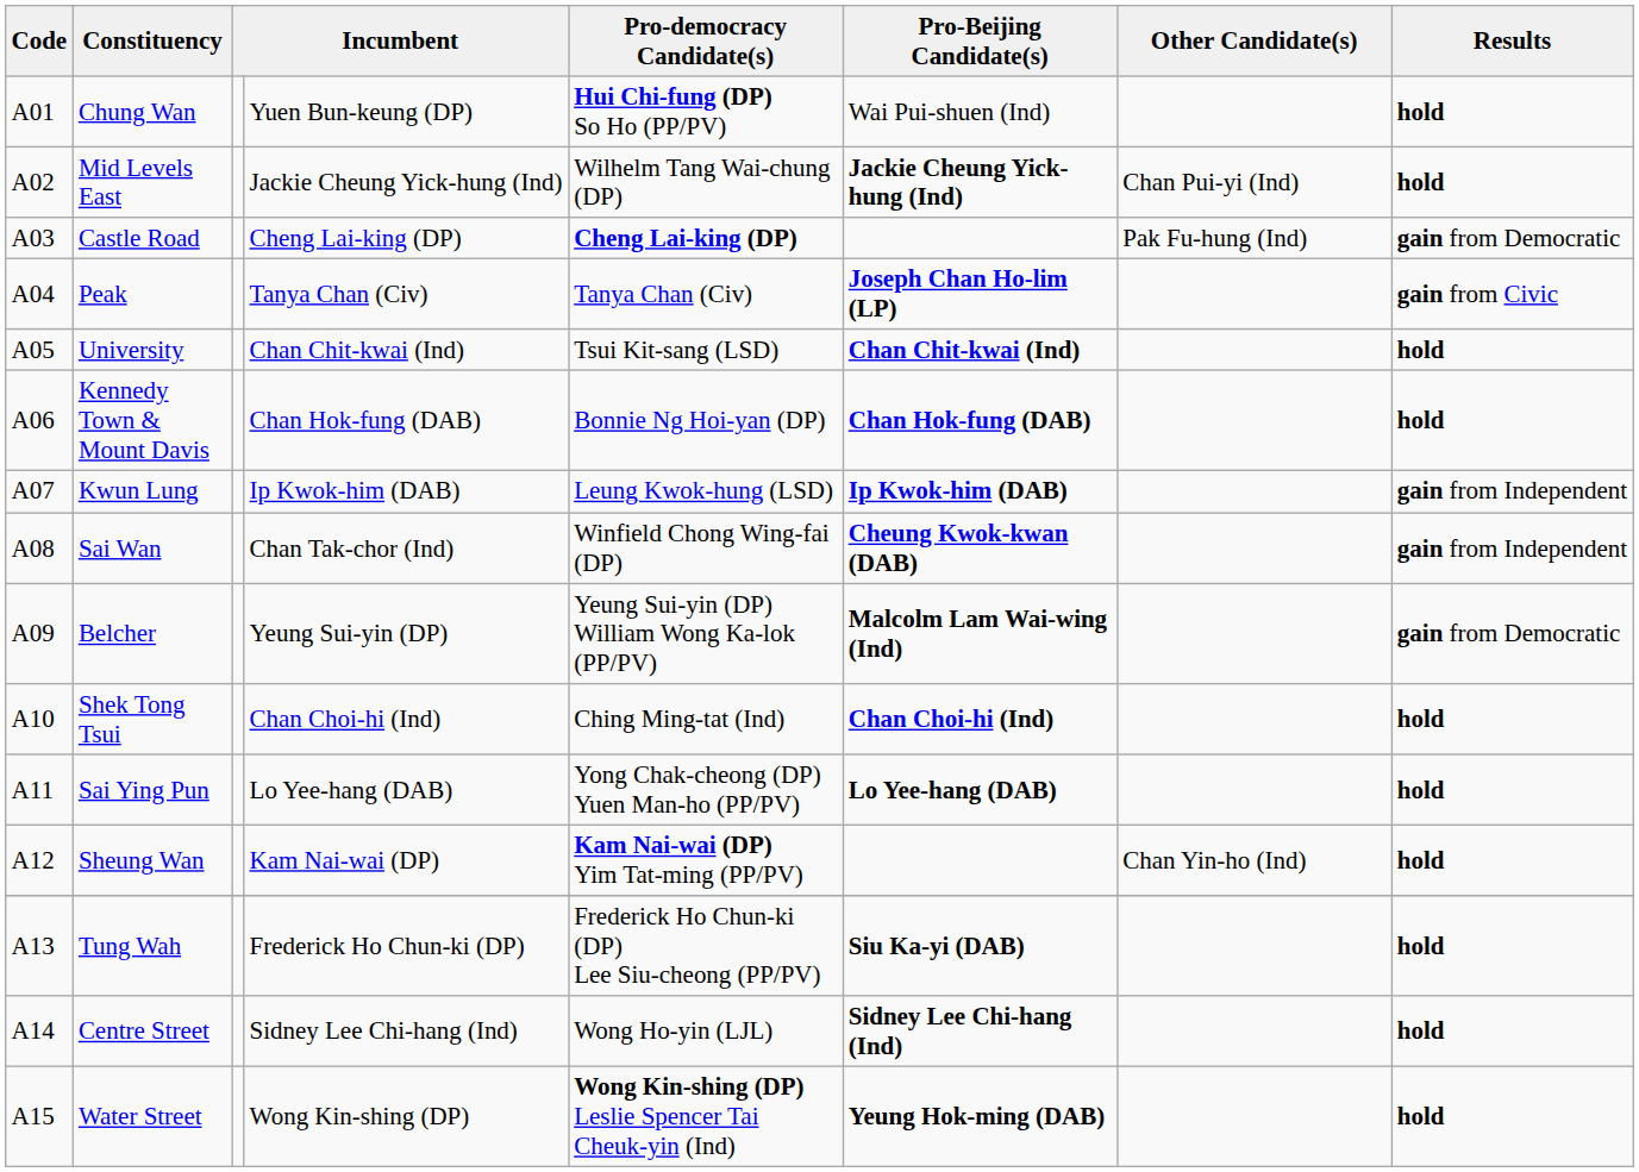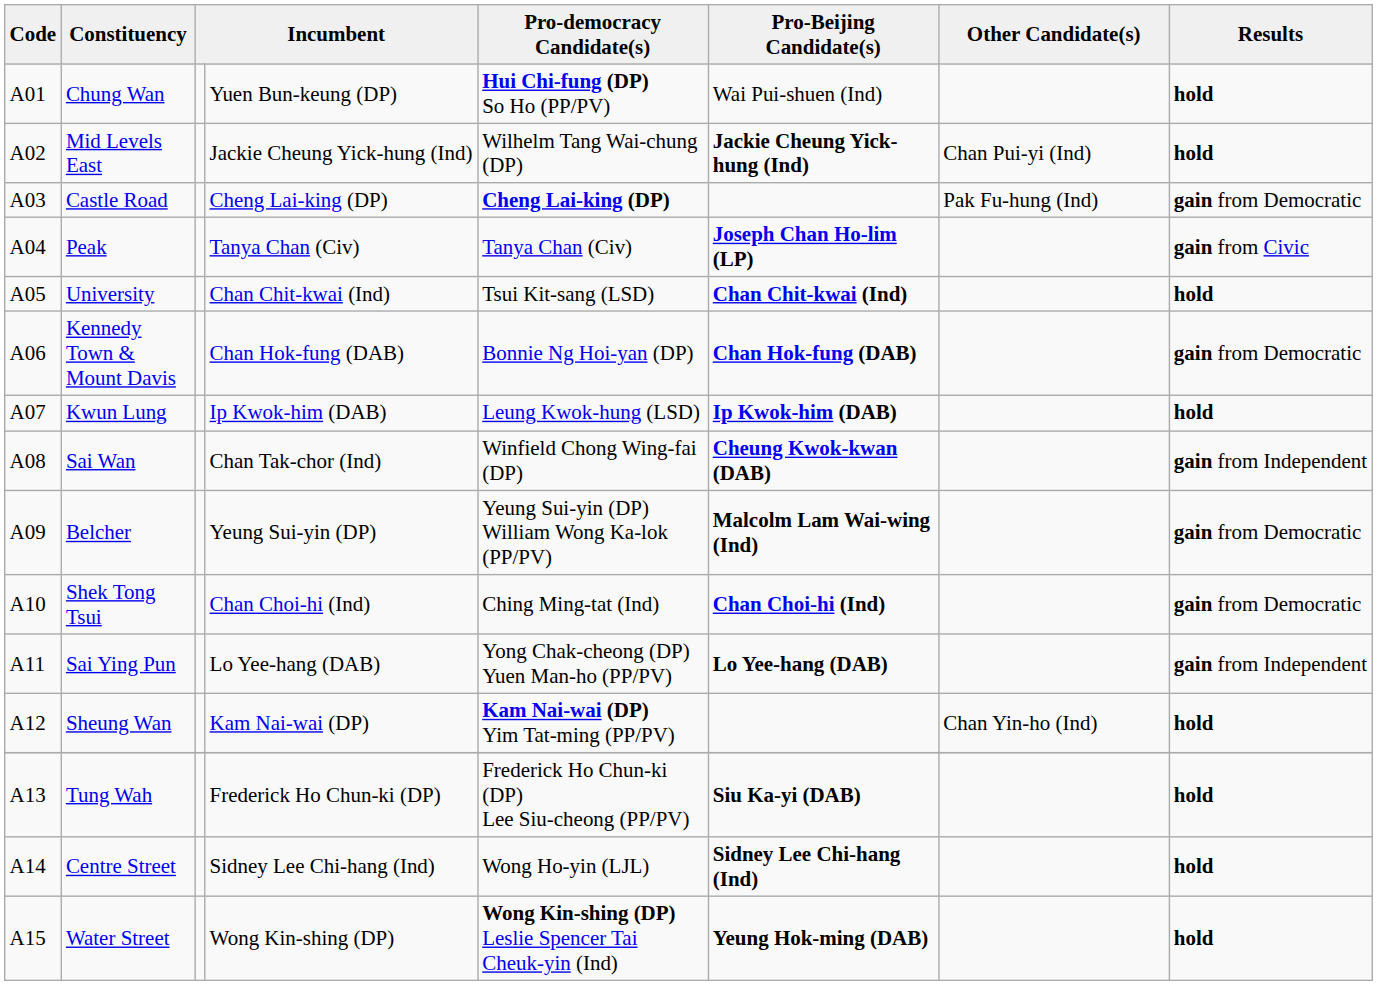 <table class="wikitable" style="font-size: 95%;">
 <tr>
 <th align="center" style="background:#f0f0f0;" width="20px">Code</th>
 <th align="center" style="background:#f0f0f0;" width="90px">Constituency</th>
 <th align="center" style="background:#f0f0f0;" width="120px" colspan=2>Incumbent</th>
 <th align="center" style="background:#f0f0f0;" width="160px">Pro-democracy Candidate(s)</th>
 <th align="center" style="background:#f0f0f0;" width="160px">Pro-Beijing Candidate(s)</th>
 <th align="center" style="background:#f0f0f0;" width="160px">Other Candidate(s)</th>
 <th align="center" style="background:#f0f0f0;" width="100px" colspan="2">Results</th>
 </tr>
 <tr>
 <td>A01</td>
 <td><a href='#'>Chung Wan</a></td>
 <td></td>
 <td>Yuen Bun-keung (DP)</td>
 <td><strong><a href='#'>Hui Chi-fung</a> (DP)</strong> <br>So Ho (PP/PV)</td>
 <td>Wai Pui-shuen (Ind)</td>
 <td></td>
 <td> <strong>hold</strong></td>
 </tr>
 <tr>
 <td>A02</td>
 <td><a href='#'>Mid Levels East</a></td>
 <td></td>
 <td>Jackie Cheung Yick-hung (Ind)</td>
 <td>Wilhelm Tang Wai-chung (DP)</td>
 <td><strong>Jackie Cheung Yick-hung (Ind)</strong></td>
 <td>Chan Pui-yi (Ind)</td>
 <td> <strong>hold</strong></td>
 </tr>
 <tr>
 <td>A03</td>
 <td><a href='#'>Castle Road</a></td>
 <td></td>
 <td><a href='#'>Cheng Lai-king</a> (DP)</td>
 <td><strong><a href='#'>Cheng Lai-king</a> (DP)</strong></td>
 <td></td>
 <td>Pak Fu-hung (Ind)</td>
 <td> <strong>gain</strong> from Democratic</td>
 </tr>
 <tr>
 <td>A04</td>
 <td><a href='#'>Peak</a></td>
 <td></td>
 <td><a href='#'>Tanya Chan</a> (Civ)</td>
 <td><a href='#'>Tanya Chan</a> (Civ)</td>
 <td><strong><a href='#'>Joseph Chan Ho-lim</a> (LP)</strong></td>
 <td></td>
 <td> <strong>gain</strong> from <a href='#'>Civic</a></td>
 </tr>
 <tr>
 <td>A05</td>
 <td><a href='#'>University</a></td>
 <td></td>
 <td><a href='#'>Chan Chit-kwai</a> (Ind)</td>
 <td>Tsui Kit-sang (LSD)</td>
 <td><strong><a href='#'>Chan Chit-kwai</a> (Ind)</strong></td>
 <td></td>
 <td> <strong>hold</strong></td>
 </tr>
 <tr>
 <td>A06</td>
 <td><a href='#'>Kennedy Town & Mount Davis</a></td>
 <td></td>
 <td><a href='#'>Chan Hok-fung</a> (DAB)</td>
 <td><a href='#'>Bonnie Ng Hoi-yan</a> (DP)</td>
 <td><strong><a href='#'>Chan Hok-fung</a> (DAB)</strong></td>
 <td></td>
-<td> <strong>hold</strong></td>
+<td> <strong>gain</strong> from Democratic</td>
 </tr>
 <tr>
 <td>A07</td>
 <td><a href='#'>Kwun Lung</a></td>
 <td></td>
 <td><a href='#'>Ip Kwok-him</a> (DAB)</td>
 <td><a href='#'>Leung Kwok-hung</a> (LSD)</td>
 <td><strong><a href='#'>Ip Kwok-him</a> (DAB)</strong></td>
 <td></td>
-<td> <strong>gain</strong> from Independent</td>
+<td> <strong>hold</strong></td>
 </tr>
 <tr>
 <td>A08</td>
 <td><a href='#'>Sai Wan</a></td>
 <td></td>
 <td>Chan Tak-chor (Ind)</td>
 <td>Winfield Chong Wing-fai (DP)</td>
 <td><strong><a href='#'>Cheung Kwok-kwan</a> (DAB)</strong></td>
 <td></td>
 <td> <strong>gain</strong> from Independent</td>
 </tr>
 <tr>
 <td>A09</td>
 <td><a href='#'>Belcher</a></td>
 <td></td>
 <td>Yeung Sui-yin (DP)</td>
 <td>Yeung Sui-yin (DP)<br>William Wong Ka-lok (PP/PV)</td>
 <td><strong>Malcolm Lam Wai-wing (Ind)</strong></td>
 <td></td>
 <td> <strong>gain</strong> from Democratic</td>
 </tr>
 <tr>
 <td>A10</td>
 <td><a href='#'>Shek Tong Tsui</a></td>
 <td></td>
 <td><a href='#'>Chan Choi-hi</a> (Ind)</td>
 <td>Ching Ming-tat (Ind)</td>
 <td><strong><a href='#'>Chan Choi-hi</a> (Ind)</strong></td>
 <td></td>
-<td> <strong>hold</strong></td>
+<td> <strong>gain</strong> from Democratic</td>
 </tr>
 <tr>
 <td>A11</td>
 <td><a href='#'>Sai Ying Pun</a></td>
 <td></td>
 <td>Lo Yee-hang (DAB)</td>
 <td>Yong Chak-cheong (DP)<br>Yuen Man-ho (PP/PV)</td>
 <td><strong>Lo Yee-hang (DAB)</strong></td>
 <td></td>
-<td> <strong>hold</strong></td>
+<td> <strong>gain</strong> from Independent</td>
 </tr>
 <tr>
 <td>A12</td>
 <td><a href='#'>Sheung Wan</a></td>
 <td></td>
 <td><a href='#'>Kam Nai-wai</a> (DP)</td>
 <td><strong><a href='#'>Kam Nai-wai</a> (DP)</strong><br>Yim Tat-ming (PP/PV)</td>
 <td></td>
 <td>Chan Yin-ho (Ind)</td>
 <td> <strong>hold</strong></td>
 </tr>
 <tr>
 </tr>
 <tr>
 <td>A13</td>
 <td><a href='#'>Tung Wah</a></td>
 <td></td>
 <td>Frederick Ho Chun-ki (DP)</td>
 <td>Frederick Ho Chun-ki (DP)<br>Lee Siu-cheong (PP/PV)</td>
 <td><strong>Siu Ka-yi (DAB)</strong></td>
 <td></td>
 <td> <strong>hold</strong></td>
 </tr>
 <tr>
 <td>A14</td>
 <td><a href='#'>Centre Street</a></td>
 <td></td>
 <td>Sidney Lee Chi-hang (Ind)</td>
 <td>Wong Ho-yin (LJL)</td>
 <td><strong>Sidney Lee Chi-hang (Ind)</strong></td>
 <td></td>
 <td> <strong>hold</strong></td>
 </tr>
 <tr>
 <td>A15</td>
 <td><a href='#'>Water Street</a></td>
 <td></td>
 <td>Wong Kin-shing (DP)</td>
 <td><strong>Wong Kin-shing (DP)</strong><br><a href='#'>Leslie Spencer Tai Cheuk-yin</a> (Ind)</td>
 <td><strong>Yeung Hok-ming (DAB)</strong></td>
 <td></td>
 <td> <strong>hold</strong></td>
 </tr>
 </table>
